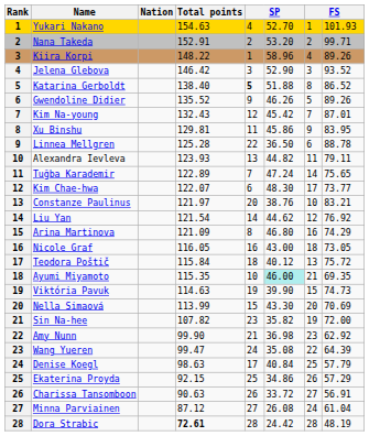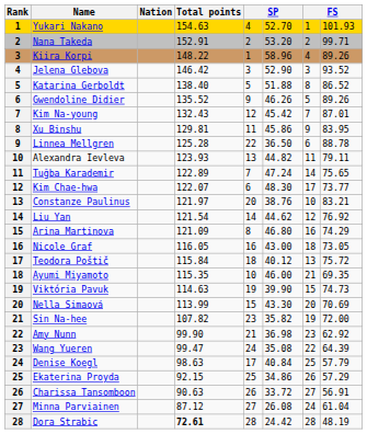 <table class="wikitable">
 <tr>
 <th>Rank</th>
 <th>Name</th>
 <th>Nation</th>
 <th>Total points</th>
 <th colspan="2" width="80px"><a href='#'>SP</a></th>
 <th colspan="2" width="80px"><a href='#'>FS</a></th>
 </tr>
 <tr bgcolor="gold">
 <td align="center"><strong>1</strong></td>
 <td><a href='#'>Yukari Nakano</a></td>
 <td></td>
 <td>154.63</td>
 <td>4</td>
 <td>52.70</td>
 <td>1</td>
 <td>101.93</td>
 </tr>
 <tr bgcolor="silver">
 <td align="center"><strong>2</strong></td>
 <td><a href='#'>Nana Takeda</a></td>
 <td></td>
 <td>152.91</td>
 <td>2</td>
 <td>53.20</td>
 <td>2</td>
 <td>99.71</td>
 </tr>
 <tr bgcolor="cc9966">
 <td align="center"><strong>3</strong></td>
 <td><a href='#'>Kiira Korpi</a></td>
 <td></td>
 <td>148.22</td>
 <td>1</td>
 <td>58.96</td>
 <td>4</td>
 <td>89.26</td>
 </tr>
 <tr>
 <th>4</th>
 <td><a href='#'>Jelena Glebova</a></td>
 <td></td>
 <td>146.42</td>
 <td>3</td>
 <td>52.90</td>
 <td>3</td>
 <td>93.52</td>
 </tr>
 <tr>
 <th>5</th>
 <td><a href='#'>Katarina Gerboldt</a></td>
 <td></td>
 <td>138.40</td>
-<td><strong>5</strong></td>
+<td>5</td>
 <td>51.88</td>
 <td>8</td>
 <td>86.52</td>
 </tr>
 <tr>
 <th>6</th>
 <td><a href='#'>Gwendoline Didier</a></td>
 <td></td>
 <td>135.52</td>
 <td>9</td>
 <td>46.26</td>
 <td>5</td>
 <td>89.26</td>
 </tr>
 <tr>
 <th>7</th>
 <td><a href='#'>Kim Na-young</a></td>
 <td></td>
 <td>132.43</td>
 <td>12</td>
 <td>45.42</td>
 <td>7</td>
 <td>87.01</td>
 </tr>
 <tr>
 <th>8</th>
 <td><a href='#'>Xu Binshu</a></td>
 <td></td>
 <td>129.81</td>
 <td>11</td>
 <td>45.86</td>
 <td>9</td>
 <td>83.95</td>
 </tr>
 <tr>
 <th>9</th>
 <td><a href='#'>Linnea Mellgren</a></td>
 <td></td>
 <td>125.28</td>
 <td>22</td>
 <td>36.50</td>
 <td>6</td>
 <td>88.78</td>
 </tr>
 <tr>
 <th>10</th>
 <td>Alexandra Ievleva</td>
 <td></td>
 <td>123.93</td>
 <td>13</td>
 <td>44.82</td>
 <td>11</td>
 <td>79.11</td>
 </tr>
 <tr>
 <th>11</th>
 <td><a href='#'>Tuğba Karademir</a></td>
 <td></td>
 <td>122.89</td>
 <td>7</td>
 <td>47.24</td>
 <td>14</td>
 <td>75.65</td>
 </tr>
 <tr>
 <th>12</th>
 <td><a href='#'>Kim Chae-hwa</a></td>
 <td></td>
 <td>122.07</td>
 <td>6</td>
 <td>48.30</td>
 <td>17</td>
 <td>73.77</td>
 </tr>
 <tr>
 <th>13</th>
 <td><a href='#'>Constanze Paulinus</a></td>
 <td></td>
 <td>121.97</td>
 <td>20</td>
 <td>38.76</td>
 <td>10</td>
 <td>83.21</td>
 </tr>
 <tr>
 <th>14</th>
 <td><a href='#'>Liu Yan</a></td>
 <td></td>
 <td>121.54</td>
 <td>14</td>
 <td>44.62</td>
 <td>12</td>
 <td>76.92</td>
 </tr>
 <tr>
 <th>15</th>
 <td><a href='#'>Arina Martinova</a></td>
 <td></td>
 <td>121.09</td>
 <td>8</td>
 <td>46.80</td>
 <td>16</td>
 <td>74.29</td>
 </tr>
 <tr>
 <th>16</th>
 <td><a href='#'>Nicole Graf</a></td>
 <td></td>
 <td>116.05</td>
 <td>16</td>
 <td>43.00</td>
 <td>18</td>
 <td>73.05</td>
 </tr>
 <tr>
 <th>17</th>
 <td><a href='#'>Teodora Poštič</a></td>
 <td></td>
 <td>115.84</td>
 <td>18</td>
 <td>40.12</td>
 <td>13</td>
 <td>75.72</td>
 </tr>
 <tr>
 <th>18</th>
 <td><a href='#'>Ayumi Miyamoto</a></td>
 <td></td>
 <td>115.35</td>
 <td>10</td>
-<td style="background: paleturquoise;">46.00</td>
+<td>46.00</td>
 <td>21</td>
 <td>69.35</td>
 </tr>
 <tr>
 <th>19</th>
 <td><a href='#'>Viktória Pavuk</a></td>
 <td></td>
 <td>114.63</td>
 <td>19</td>
 <td>39.90</td>
 <td>15</td>
 <td>74.73</td>
 </tr>
 <tr>
 <th>20</th>
 <td><a href='#'>Nella Simaová</a></td>
 <td></td>
 <td>113.99</td>
 <td>15</td>
 <td>43.30</td>
 <td>20</td>
 <td>70.69</td>
 </tr>
 <tr>
 <th>21</th>
 <td><a href='#'>Sin Na-hee</a></td>
 <td></td>
 <td>107.82</td>
 <td>23</td>
 <td>35.82</td>
 <td>19</td>
 <td>72.00</td>
 </tr>
 <tr>
 <th>22</th>
 <td><a href='#'>Amy Nunn</a></td>
 <td></td>
 <td>99.90</td>
 <td>21</td>
 <td>36.98</td>
 <td>23</td>
 <td>62.92</td>
 </tr>
 <tr>
 <th>23</th>
 <td><a href='#'>Wang Yueren</a></td>
 <td></td>
 <td>99.47</td>
 <td>24</td>
 <td>35.08</td>
 <td>22</td>
 <td>64.39</td>
 </tr>
 <tr>
 <th>24</th>
 <td><a href='#'>Denise Koegl</a></td>
 <td></td>
 <td>98.63</td>
 <td>17</td>
 <td>40.84</td>
 <td>25</td>
 <td>57.79</td>
 </tr>
 <tr>
 <th>25</th>
 <td><a href='#'>Ekaterina Proyda</a></td>
 <td></td>
 <td>92.15</td>
 <td>25</td>
 <td>34.86</td>
 <td>26</td>
 <td>57.29</td>
 </tr>
 <tr>
 <th>26</th>
 <td><a href='#'>Charissa Tansomboon</a></td>
 <td></td>
 <td>90.63</td>
 <td>26</td>
 <td>33.72</td>
 <td>27</td>
 <td>56.91</td>
 </tr>
 <tr>
 <th>27</th>
 <td><a href='#'>Minna Parviainen</a></td>
 <td></td>
 <td>87.12</td>
 <td>27</td>
 <td>26.08</td>
 <td>24</td>
 <td>61.04</td>
 </tr>
 <tr>
 <th>28</th>
 <td><a href='#'>Dora Strabic</a></td>
 <td></td>
 <td><strong>72.61</strong></td>
 <td>28</td>
 <td>24.42</td>
 <td>28</td>
 <td>48.19</td>
 </tr>
 </table>
